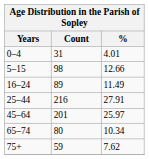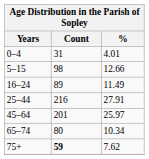 <table class="wikitable floatright" style="margin-left: 1em; width: 15em; font-size: 90%;">
 <tr>
 <th colspan="6"><strong>Age Distribution in the Parish of Sopley </strong></th>
 </tr>
 <tr>
 <th>Years</th>
 <th>Count</th>
 <th>%</th>
 </tr>
 <tr>
 <td>0–4</td>
 <td>31</td>
 <td>4.01</td>
 </tr>
 <tr>
 <td>5–15</td>
 <td>98</td>
 <td>12.66</td>
 </tr>
 <tr>
 <td>16–24</td>
 <td>89</td>
 <td>11.49</td>
 </tr>
 <tr>
 <td>25–44</td>
 <td>216</td>
 <td>27.91</td>
 </tr>
 <tr>
 <td>45–64</td>
 <td>201</td>
 <td>25.97</td>
 </tr>
 <tr>
 <td>65–74</td>
 <td>80</td>
 <td>10.34</td>
 </tr>
 <tr>
 <td>75+</td>
-<td>59</td>
+<td><strong>59</strong></td>
 <td>7.62</td>
 </tr>
 <tr>
 </tr>
 </table>
